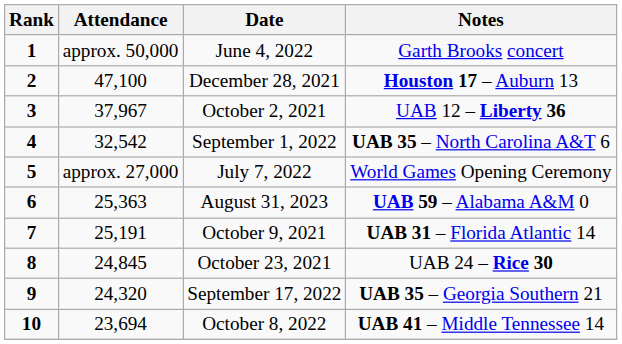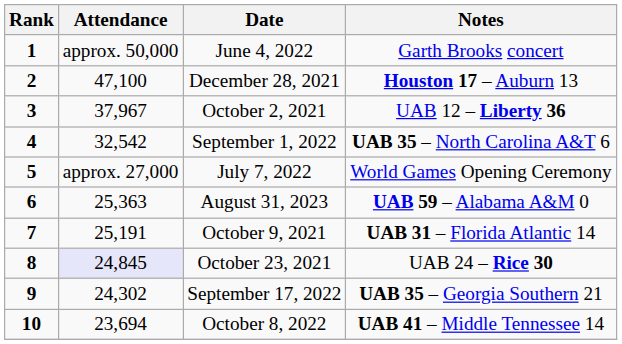 <table class="wikitable">
 <tr>
 <th>Rank</th>
 <th>Attendance</th>
 <th>Date</th>
 <th>Notes</th>
 </tr>
 <tr align="center">
 <td><strong>1</strong></td>
 <td>approx. 50,000</td>
 <td>June 4, 2022</td>
 <td><a href='#'>Garth Brooks</a> <a href='#'>concert</a></td>
 </tr>
 <tr align="center">
 <td><strong>2</strong></td>
 <td>47,100</td>
 <td>December 28, 2021</td>
 <td><strong><a href='#'>Houston</a> 17</strong> – <a href='#'>Auburn</a> 13</td>
 </tr>
 <tr align="center">
 <td><strong>3</strong></td>
 <td>37,967</td>
 <td>October 2, 2021</td>
 <td><a href='#'>UAB</a> 12 – <strong><a href='#'>Liberty</a> 36</strong></td>
 </tr>
 <tr align="center">
 <td><strong>4</strong></td>
 <td>32,542</td>
 <td>September 1, 2022</td>
 <td><strong>UAB 35</strong> – <a href='#'>North Carolina A&T</a> 6</td>
 </tr>
 <tr align="center">
 <td><strong>5</strong></td>
 <td>approx. 27,000</td>
 <td>July 7, 2022</td>
 <td><a href='#'>World Games</a> Opening Ceremony</td>
 </tr>
 <tr align="center">
 <td><strong>6</strong></td>
 <td>25,363</td>
 <td>August 31, 2023</td>
 <td><strong><a href='#'>UAB</a> 59</strong> – <a href='#'>Alabama A&M</a> 0</td>
 </tr>
 <tr align="center">
 <td><strong>7</strong></td>
 <td>25,191</td>
 <td>October 9, 2021</td>
 <td><strong>UAB 31</strong> – <a href='#'>Florida Atlantic</a> 14</td>
 </tr>
 <tr align="center">
 <td><strong>8</strong></td>
-<td>24,845</td>
+<td style="background: lavender;">24,845</td>
 <td>October 23, 2021</td>
 <td>UAB 24 – <strong><a href='#'>Rice</a> 30</strong></td>
 </tr>
 <tr align="center">
 <td><strong>9</strong></td>
-<td>24,320</td>
+<td>24,302</td>
 <td>September 17, 2022</td>
 <td><strong>UAB 35</strong> – <a href='#'>Georgia Southern</a> 21</td>
 </tr>
 <tr align="center">
 <td><strong>10</strong></td>
 <td>23,694</td>
 <td>October 8, 2022</td>
 <td><strong>UAB 41</strong> – <a href='#'>Middle Tennessee</a> 14</td>
 </tr>
 <tr align="center">
 </tr>
 </table>
